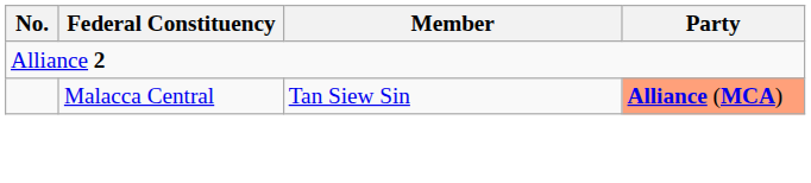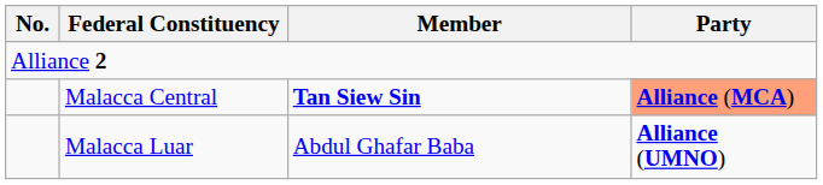 <table class="wikitable sortable">
 <tr>
 <th style="width:30px;">No.</th>
 <th style="width:150px;">Federal Constituency</th>
 <th style="width:230px;">Member</th>
 <th style="width:120px;">Party</th>
 </tr>
 <tr>
 <td colspan="4"><a href='#'>Alliance</a> <strong>2</strong></td>
 </tr>
 <tr>
 <td></td>
 <td><a href='#'>Malacca Central</a></td>
-<td><a href='#'>Tan Siew Sin</a></td>
+<td><strong><a href='#'>Tan Siew Sin</a></strong></td>
 <td style="background: lightsalmon;"><strong><a href='#'>Alliance</a></strong> (<strong><a href='#'>MCA</a></strong>)</td>
 </tr>
+<tr>
+<td></td>
+<td><a href='#'>Malacca Luar</a></td>
+<td><a href='#'>Abdul Ghafar Baba</a></td>
+<td><strong><a href='#'>Alliance</a></strong> (<strong><a href='#'>UMNO</a></strong>)</td>
+</tr>
 </table>
